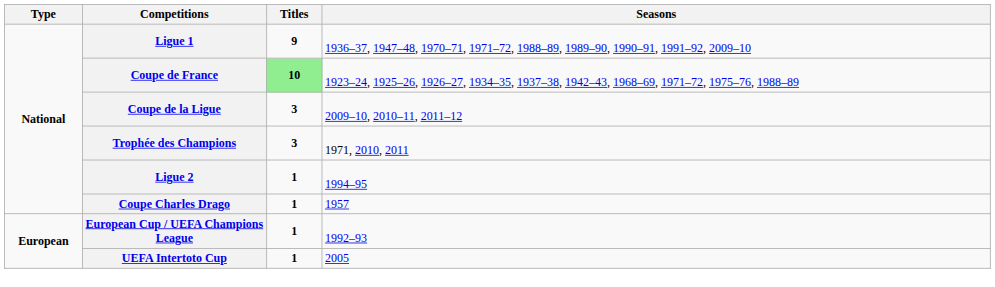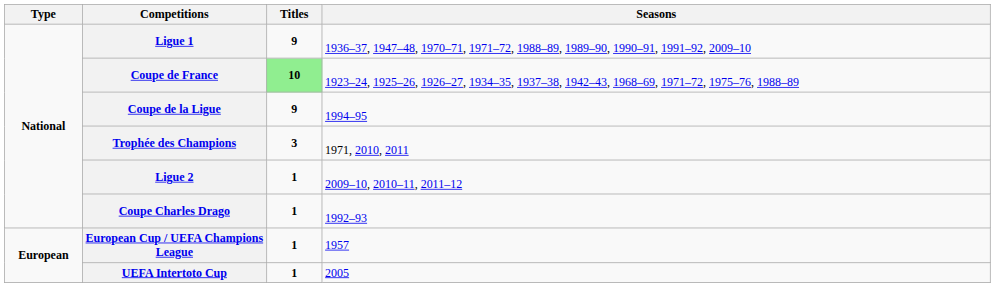 <table class="wikitable plainrowheaders" style="font-size:95%; text-align:center;">
 <tr>
 <th style="width: 1%;">Type</th>
 <th style="width: 5%;">Competitions</th>
 <th style="width: 1%;">Titles</th>
 <th style="width: 21%;">Seasons</th>
 </tr>
 <tr>
 <td rowspan=6><strong>National</strong></td>
 <th scope=col><a href='#'>Ligue 1</a></th>
 <td><strong>9</strong></td>
 <td align="left"><br><a href='#'>1936–37</a>,  <a href='#'>1947–48</a>,  <a href='#'>1970–71</a>,  <a href='#'>1971–72</a>,  <a href='#'>1988–89</a>,  <a href='#'>1989–90</a>,  <a href='#'>1990–91</a>,  <a href='#'>1991–92</a>,  <a href='#'>2009–10</a></td>
 </tr>
 <tr>
 <th scope=col><a href='#'>Coupe de France</a></th>
 <td style="background: lightgreen;"><strong>10</strong></td>
 <td align="left"><br><a href='#'>1923–24</a>,  <a href='#'>1925–26</a>,  <a href='#'>1926–27</a>,  <a href='#'>1934–35</a>,  <a href='#'>1937–38</a>,  <a href='#'>1942–43</a>,  <a href='#'>1968–69</a>, <a href='#'>1971–72</a>, <a href='#'>1975–76</a>, <a href='#'>1988–89</a></td>
 </tr>
 <tr>
 <th scope=col><a href='#'>Coupe de la Ligue</a></th>
-<td><strong>3</strong></td>
-<td align="left"><br><a href='#'>2009–10</a>,  <a href='#'>2010–11</a>,  <a href='#'>2011–12</a></td>
+<td><strong>9</strong></td>
+<td align="left"><br><a href='#'>1994–95</a></td>
 </tr>
 <tr>
 <th scope=col><a href='#'>Trophée des Champions</a></th>
 <td><strong>3</strong></td>
 <td align="left"><br>1971,  <a href='#'>2010</a>, <a href='#'>2011</a></td>
 </tr>
 <tr>
 <th scope=col><a href='#'>Ligue 2</a></th>
 <td align="center"><strong>1</strong></td>
-<td align="left"><br><a href='#'>1994–95</a></td>
+<td align="left"><br><a href='#'>2009–10</a>,  <a href='#'>2010–11</a>,  <a href='#'>2011–12</a></td>
 </tr>
 <tr>
 <th scope=col><a href='#'>Coupe Charles Drago</a></th>
 <td><strong>1</strong></td>
-<td align="left"><a href='#'>1957</a></td>
+<td align="left"><br><a href='#'>1992–93</a></td>
 </tr>
 <tr>
 <td rowspan=2><strong>European</strong></td>
 <th scope=col><a href='#'>European Cup / UEFA Champions League</a></th>
 <td align="center"><strong>1</strong></td>
-<td align="left"><br><a href='#'>1992–93</a></td>
+<td align="left"><a href='#'>1957</a></td>
 </tr>
 <tr>
 <th scope=col><a href='#'>UEFA Intertoto Cup</a></th>
 <td align="center"><strong>1</strong></td>
 <td align="left"><a href='#'>2005</a></td>
 </tr>
 </table>
